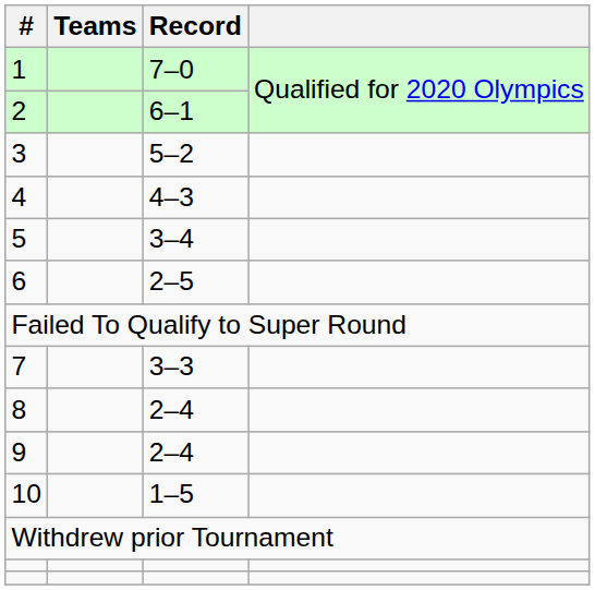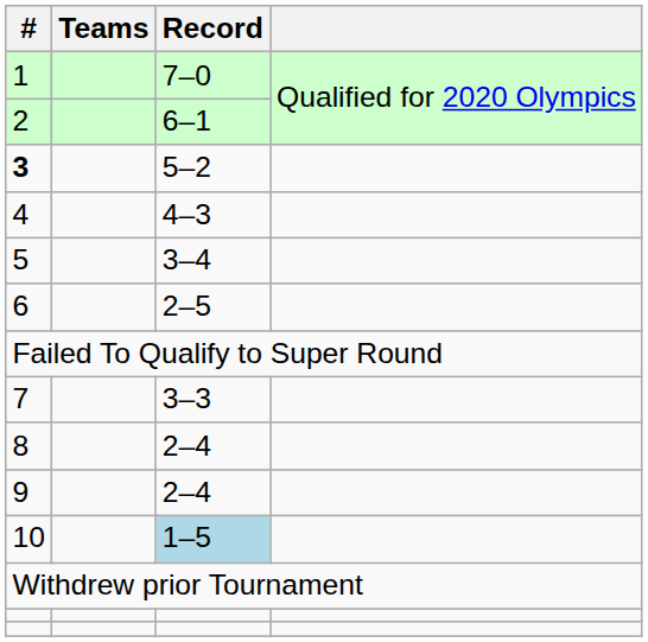 <table class="wikitable">
 <tr>
 <th>#</th>
 <th>Teams</th>
 <th>Record</th>
 <th></th>
 </tr>
 <tr bgcolor=ccffcc>
 <td>1</td>
 <td></td>
 <td>7–0</td>
 <td rowspan="2">Qualified for <a href='#'>2020 Olympics</a></td>
 </tr>
 <tr bgcolor=ccffcc>
 <td>2</td>
 <td></td>
 <td>6–1</td>
 </tr>
 <tr>
-<td>3</td>
+<td><strong>3</strong></td>
 <td></td>
 <td>5–2</td>
 <td></td>
 </tr>
 <tr>
 <td>4</td>
 <td></td>
 <td>4–3</td>
 <td></td>
 </tr>
 <tr>
 <td>5</td>
 <td></td>
 <td>3–4</td>
 <td></td>
 </tr>
 <tr>
 <td>6</td>
 <td></td>
 <td>2–5</td>
 <td></td>
 </tr>
 <tr>
 <td colspan="4">Failed To Qualify to Super Round</td>
 </tr>
 <tr>
 <td>7</td>
 <td></td>
 <td>3–3</td>
 <td></td>
 </tr>
 <tr>
 <td>8</td>
 <td></td>
 <td>2–4</td>
 <td></td>
 </tr>
 <tr>
 <td>9</td>
 <td></td>
 <td>2–4</td>
 <td></td>
 </tr>
 <tr>
 <td>10</td>
 <td></td>
-<td>1–5</td>
+<td style="background: lightblue;">1–5</td>
 <td></td>
 </tr>
 <tr>
 <td colspan="4">Withdrew prior Tournament</td>
 </tr>
 <tr>
 <td></td>
 <td></td>
 <td></td>
 <td></td>
 </tr>
 <tr>
 <td></td>
 <td></td>
 <td></td>
 <td></td>
 </tr>
 </table>
